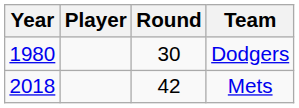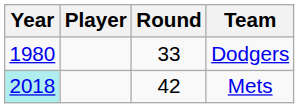 <table class="wikitable sortable">
 <tr>
 <th>Year</th>
 <th>Player</th>
 <th>Round</th>
 <th>Team</th>
 </tr>
 <tr>
 <td align="center"><a href='#'>1980</a></td>
 <td align="center"></td>
-<td align="center">30</td>
+<td align="center">33</td>
 <td align="center"><a href='#'>Dodgers</a></td>
 </tr>
 <tr>
-<td align="center"><a href='#'>2018</a></td>
+<td align="center" style="background: paleturquoise;"><a href='#'>2018</a></td>
 <td align="center"></td>
 <td align="center">42</td>
 <td align="center"><a href='#'>Mets</a></td>
 </tr>
 </table>
